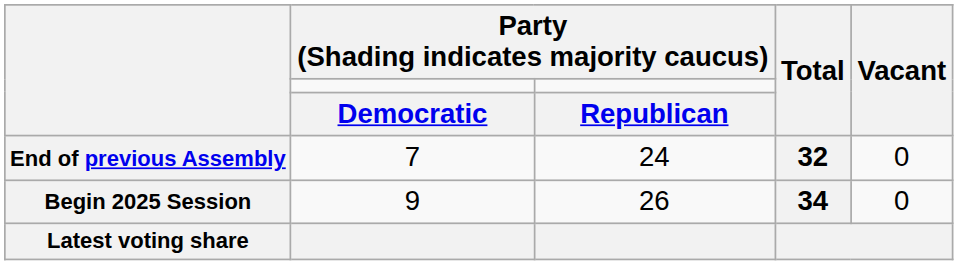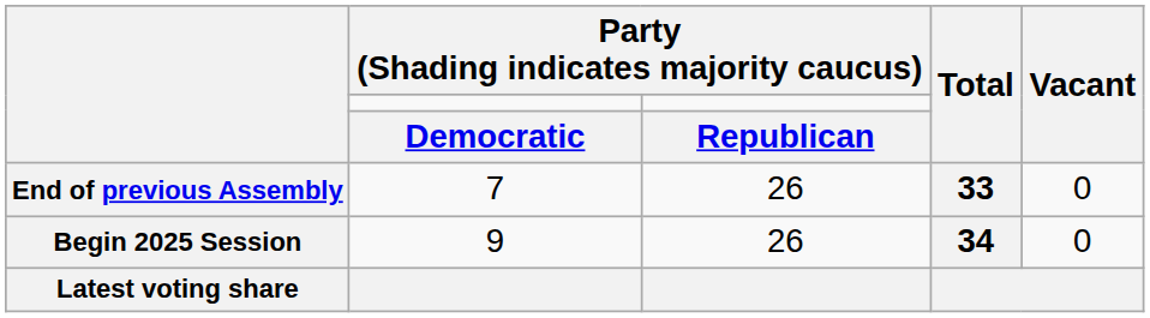 <table class="wikitable" style="text-align:center">
 <tr>
 <th rowspan="3"></th>
 <th colspan="2">Party<div>(Shading indicates majority caucus)</div></th>
 <th rowspan="3">Total</th>
 <th rowspan="3">Vacant</th>
 </tr>
 <tr style="height:5px">
 <td style="background-color:"></td>
 <td style="background-color:"></td>
 </tr>
 <tr>
 <th><a href='#'>Democratic</a></th>
 <th><a href='#'>Republican</a></th>
 </tr>
 <tr>
 <th nowrap="" style="font-size:80%">End of <a href='#'>previous Assembly</a></th>
 <td>7</td>
-<td>24</td>
-<th>32</th>
+<td>26</td>
+<th>33</th>
 <td>0</td>
 </tr>
 <tr>
 <th nowrap="" style="font-size:80%">Begin 2025 Session</th>
 <td>9</td>
 <td>26</td>
 <th>34</th>
 <td>0</td>
 </tr>
 <tr>
 <th nowrap="" style="font-size:80%">Latest voting share</th>
 <th></th>
 <th></th>
 <th colspan="2"></th>
 </tr>
 </table>
